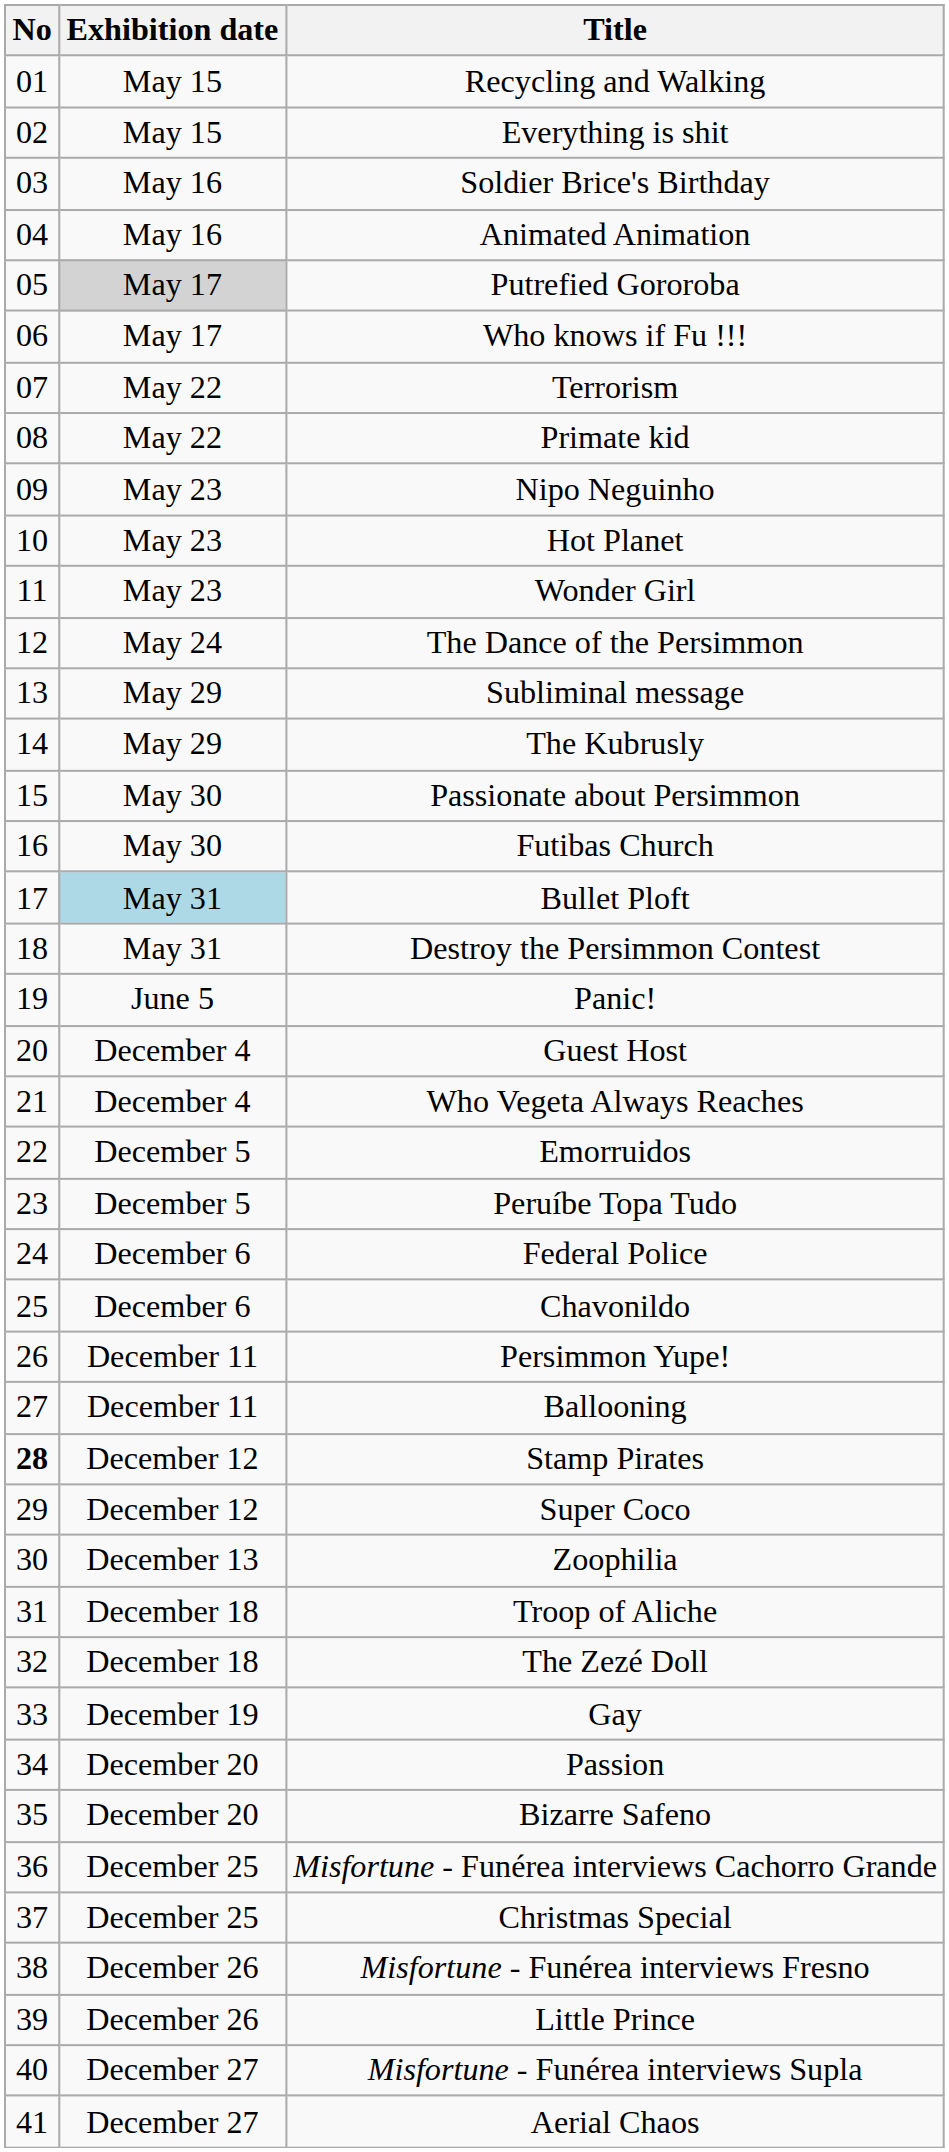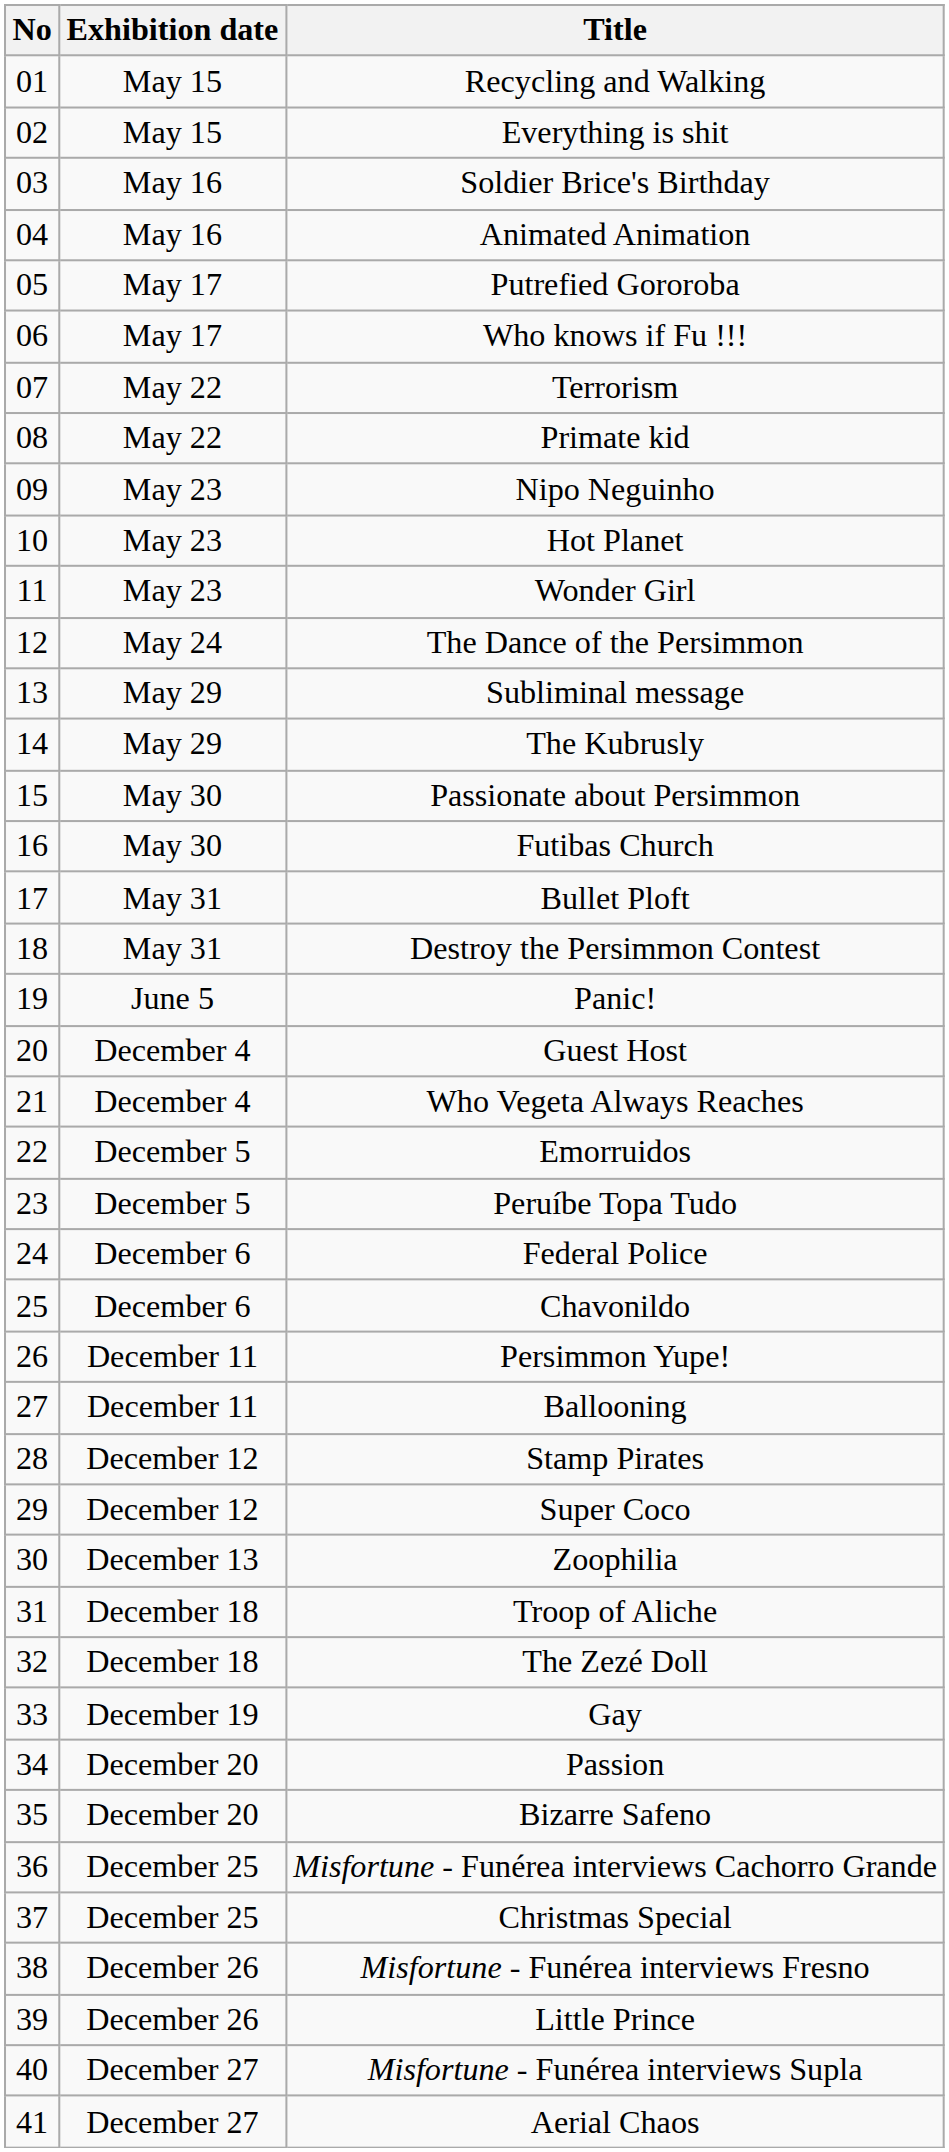 <table class="wikitable">
 <tr>
 <th>No</th>
 <th>Exhibition date</th>
 <th>Title</th>
 </tr>
 <tr align="center">
 <td>01</td>
 <td>May 15</td>
 <td>Recycling and Walking</td>
 </tr>
 <tr align="center">
 <td>02</td>
 <td>May 15</td>
 <td>Everything is shit</td>
 </tr>
 <tr align="center">
 <td>03</td>
 <td>May 16</td>
 <td>Soldier Brice's Birthday</td>
 </tr>
 <tr align="center">
 <td>04</td>
 <td>May 16</td>
 <td>Animated Animation</td>
 </tr>
 <tr align="center">
 <td>05</td>
-<td style="background: lightgrey;">May 17</td>
+<td>May 17</td>
 <td>Putrefied Gororoba</td>
 </tr>
 <tr align="center">
 <td>06</td>
 <td>May 17</td>
 <td>Who knows if Fu !!!</td>
 </tr>
 <tr align="center">
 <td>07</td>
 <td>May 22</td>
 <td>Terrorism</td>
 </tr>
 <tr align="center">
 <td>08</td>
 <td>May 22</td>
 <td>Primate kid</td>
 </tr>
 <tr align="center">
 <td>09</td>
 <td>May 23</td>
 <td>Nipo Neguinho</td>
 </tr>
 <tr align="center">
 <td>10</td>
 <td>May 23</td>
 <td>Hot Planet</td>
 </tr>
 <tr align="center">
 <td>11</td>
 <td>May 23</td>
 <td>Wonder Girl</td>
 </tr>
 <tr align="center">
 <td>12</td>
 <td>May 24</td>
 <td>The Dance of the Persimmon</td>
 </tr>
 <tr align="center">
 <td>13</td>
 <td>May 29</td>
 <td>Subliminal message</td>
 </tr>
 <tr align="center">
 <td>14</td>
 <td>May 29</td>
 <td>The Kubrusly</td>
 </tr>
 <tr align="center">
 <td>15</td>
 <td>May 30</td>
 <td>Passionate about Persimmon</td>
 </tr>
 <tr align="center">
 <td>16</td>
 <td>May 30</td>
 <td>Futibas Church</td>
 </tr>
 <tr align="center">
 <td>17</td>
-<td style="background: lightblue;">May 31</td>
+<td>May 31</td>
 <td>Bullet Ploft</td>
 </tr>
 <tr align="center">
 <td>18</td>
 <td>May 31</td>
 <td>Destroy the Persimmon Contest</td>
 </tr>
 <tr align="center">
 <td>19</td>
 <td>June 5</td>
 <td>Panic!</td>
 </tr>
 <tr align="center">
 <td>20</td>
 <td>December 4</td>
 <td>Guest Host</td>
 </tr>
 <tr align="center">
 <td>21</td>
 <td>December 4</td>
 <td>Who Vegeta Always Reaches</td>
 </tr>
 <tr align="center">
 <td>22</td>
 <td>December 5</td>
 <td>Emorruidos</td>
 </tr>
 <tr align="center">
 <td>23</td>
 <td>December 5</td>
 <td>Peruíbe Topa Tudo</td>
 </tr>
 <tr align="center">
 <td>24</td>
 <td>December 6</td>
 <td>Federal Police</td>
 </tr>
 <tr align="center">
 <td>25</td>
 <td>December 6</td>
 <td>Chavonildo</td>
 </tr>
 <tr align="center">
 <td>26</td>
 <td>December 11</td>
 <td>Persimmon Yupe!</td>
 </tr>
 <tr align="center">
 <td>27</td>
 <td>December 11</td>
 <td>Ballooning</td>
 </tr>
 <tr align="center">
-<td><strong>28</strong></td>
+<td>28</td>
 <td>December 12</td>
 <td>Stamp Pirates</td>
 </tr>
 <tr align="center">
 <td>29</td>
 <td>December 12</td>
 <td>Super Coco</td>
 </tr>
 <tr align="center">
 <td>30</td>
 <td>December 13</td>
 <td>Zoophilia</td>
 </tr>
 <tr align="center">
 <td>31</td>
 <td>December 18</td>
 <td>Troop of Aliche</td>
 </tr>
 <tr align="center">
 <td>32</td>
 <td>December 18</td>
 <td>The Zezé Doll</td>
 </tr>
 <tr align="center">
 <td>33</td>
 <td>December 19</td>
 <td>Gay</td>
 </tr>
 <tr align="center">
 <td>34</td>
 <td>December 20</td>
 <td>Passion</td>
 </tr>
 <tr align="center">
 <td>35</td>
 <td>December 20</td>
 <td>Bizarre Safeno</td>
 </tr>
 <tr align="center">
 <td>36</td>
 <td>December 25</td>
 <td><em>Misfortune</em> - Funérea interviews Cachorro Grande</td>
 </tr>
 <tr align="center">
 <td>37</td>
 <td>December 25</td>
 <td>Christmas Special</td>
 </tr>
 <tr align="center">
 <td>38</td>
 <td>December 26</td>
 <td><em>Misfortune</em> - Funérea interviews Fresno</td>
 </tr>
 <tr align="center">
 <td>39</td>
 <td>December 26</td>
 <td>Little Prince</td>
 </tr>
 <tr align="center">
 <td>40</td>
 <td>December 27</td>
 <td><em>Misfortune</em> - Funérea interviews Supla</td>
 </tr>
 <tr align="center">
 <td>41</td>
 <td>December 27</td>
 <td>Aerial Chaos</td>
 </tr>
 </table>
